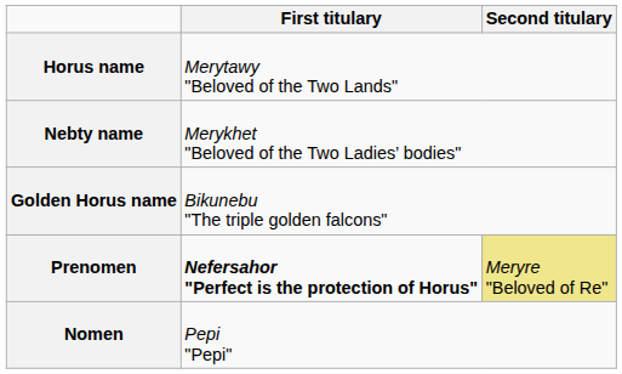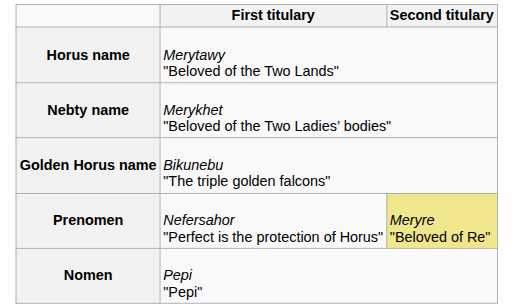 <table class="wikitable" style="text-align:left; margin:1em auto;">
 <tr>
 <td></td>
 <th scope="col">First titulary</th>
 <th scope="col">Second titulary</th>
 </tr>
 <tr>
 <th scope="row">Horus name</th>
 <td colspan="2"><div><br><em>Merytawy</em><br>"Beloved of the Two Lands"</div></td>
 </tr>
 <tr>
 <th scope="row">Nebty name</th>
 <td colspan="2"><div><br><em>Merykhet</em><br>"Beloved of the Two Ladies’ bodies"</div></td>
 </tr>
 <tr>
 <th scope="row">Golden Horus name</th>
 <td colspan="2"><div><br><em>Bikunebu</em><br>"The triple golden falcons"</div></td>
 </tr>
 <tr>
 <th scope="row">Prenomen</th>
-<td><strong><br><em>Nefersahor</em><br>"Perfect is the protection of Horus"</strong></td>
+<td><br><em>Nefersahor</em><br>"Perfect is the protection of Horus"</td>
 <td style="background: khaki;"><div><br><em>Meryre</em><br>"Beloved of Re"</div></td>
 </tr>
 <tr>
 <th scope="row">Nomen</th>
 <td colspan="32"><div><br><em>Pepi</em><br>"Pepi"</div></td>
 </tr>
 </table>
